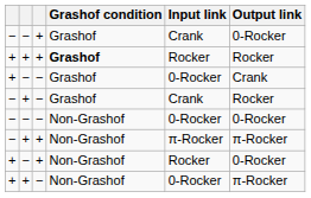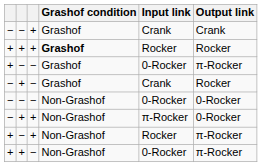 <table class="wikitable">
 <tr>
 <th></th>
 <th></th>
 <th></th>
 <th>Grashof condition</th>
 <th>Input link</th>
 <th>Output link</th>
 </tr>
 <tr>
 <td>−</td>
 <td>−</td>
 <td>+</td>
 <td>Grashof</td>
 <td>Crank</td>
-<td>0-Rocker</td>
+<td>Crank</td>
 </tr>
 <tr>
 <td>+</td>
 <td>+</td>
 <td>+</td>
 <td><strong>Grashof</strong></td>
 <td>Rocker</td>
 <td>Rocker</td>
 </tr>
 <tr>
 <td>+</td>
 <td>−</td>
 <td>−</td>
 <td>Grashof</td>
 <td>0-Rocker</td>
-<td>Crank</td>
+<td>π-Rocker</td>
 </tr>
 <tr>
 <td>−</td>
 <td>+</td>
 <td>−</td>
 <td>Grashof</td>
 <td>Crank</td>
 <td>Rocker</td>
 </tr>
 <tr>
 <td>−</td>
 <td>−</td>
 <td>−</td>
 <td>Non-Grashof</td>
 <td>0-Rocker</td>
 <td>0-Rocker</td>
 </tr>
 <tr>
 <td>−</td>
 <td>+</td>
 <td>+</td>
 <td>Non-Grashof</td>
 <td>π-Rocker</td>
-<td>π-Rocker</td>
+<td>0-Rocker</td>
 </tr>
 <tr>
 <td>+</td>
 <td>−</td>
 <td>+</td>
 <td>Non-Grashof</td>
 <td>Rocker</td>
-<td>0-Rocker</td>
+<td>π-Rocker</td>
 </tr>
 <tr>
 <td>+</td>
 <td>+</td>
 <td>−</td>
 <td>Non-Grashof</td>
 <td>0-Rocker</td>
 <td>π-Rocker</td>
 </tr>
 </table>
